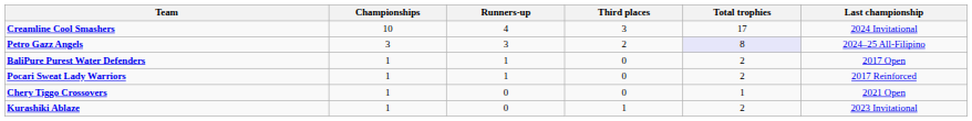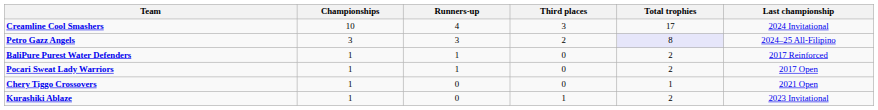 <table class="wikitable sortable" style="font-size:90%; text-align:center" width="90%">
 <tr>
 <th style="width:20em;">Team</th>
 <th style="width:7em;">Championships</th>
 <th style="width:7em;">Runners-up</th>
 <th style="width:7em;">Third places</th>
 <th style="width:7em;">Total trophies</th>
 <th style="width:10em;">Last championship</th>
 </tr>
 <tr>
 <td align=left><strong><a href='#'>Creamline Cool Smashers</a></strong></td>
 <td>10</td>
 <td>4</td>
 <td>3</td>
 <td>17</td>
 <td><a href='#'>2024 Invitational</a></td>
 </tr>
 <tr>
 <td align=left><strong><a href='#'>Petro Gazz Angels</a></strong></td>
 <td>3</td>
 <td>3</td>
 <td>2</td>
 <td style="background: lavender;">8</td>
 <td><a href='#'>2024–25 All-Filipino</a></td>
 </tr>
 <tr>
 <td align=left><strong><a href='#'>BaliPure Purest Water Defenders</a></strong></td>
 <td>1</td>
 <td>1</td>
 <td>0</td>
 <td>2</td>
-<td><a href='#'>2017 Open</a></td>
+<td><a href='#'>2017 Reinforced</a></td>
 </tr>
 <tr>
 <td align=left><strong><a href='#'>Pocari Sweat Lady Warriors</a></strong></td>
 <td>1</td>
 <td>1</td>
 <td>0</td>
 <td>2</td>
-<td><a href='#'>2017 Reinforced</a></td>
+<td><a href='#'>2017 Open</a></td>
 </tr>
 <tr>
 <td align=left><strong><a href='#'>Chery Tiggo Crossovers</a></strong></td>
 <td>1</td>
 <td>0</td>
 <td>0</td>
 <td>1</td>
 <td><a href='#'>2021 Open</a></td>
 </tr>
 <tr>
 <td align=left><strong><a href='#'>Kurashiki Ablaze</a></strong></td>
 <td>1</td>
 <td>0</td>
 <td>1</td>
 <td>2</td>
 <td><a href='#'>2023 Invitational</a></td>
 </tr>
 </table>
